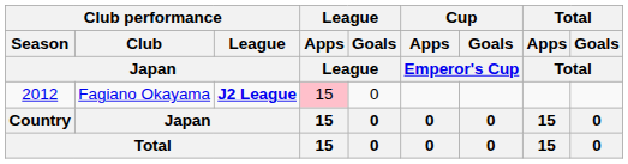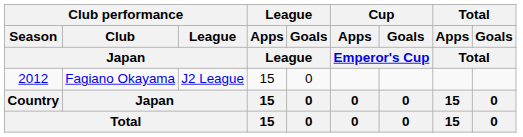 <table class="wikitable" style="text-align:center;">
 <tr>
 <th colspan=3>Club performance</th>
 <th colspan=2>League</th>
 <th colspan=2>Cup</th>
 <th colspan=2>Total</th>
 </tr>
 <tr>
 <th>Season</th>
 <th>Club</th>
 <th>League</th>
 <th>Apps</th>
 <th>Goals</th>
 <th>Apps</th>
 <th>Goals</th>
 <th>Apps</th>
 <th>Goals</th>
 </tr>
 <tr>
 <th colspan=3>Japan</th>
 <th colspan=2>League</th>
 <th colspan=2><a href='#'>Emperor's Cup</a></th>
 <th colspan=2>Total</th>
 </tr>
 <tr>
 <td><a href='#'>2012</a></td>
 <td><a href='#'>Fagiano Okayama</a></td>
-<td><strong><a href='#'>J2 League</a></strong></td>
-<td style="background: pink;">15</td>
+<td><a href='#'>J2 League</a></td>
+<td>15</td>
 <td>0</td>
 <td></td>
 <td></td>
 <td></td>
 <td></td>
 </tr>
 <tr>
 <th rowspan=1>Country</th>
 <th colspan=2>Japan</th>
 <th>15</th>
 <th>0</th>
 <th>0</th>
 <th>0</th>
 <th>15</th>
 <th>0</th>
 </tr>
 <tr>
 <th colspan=3>Total</th>
 <th>15</th>
 <th>0</th>
 <th>0</th>
 <th>0</th>
 <th>15</th>
 <th>0</th>
 </tr>
 </table>
